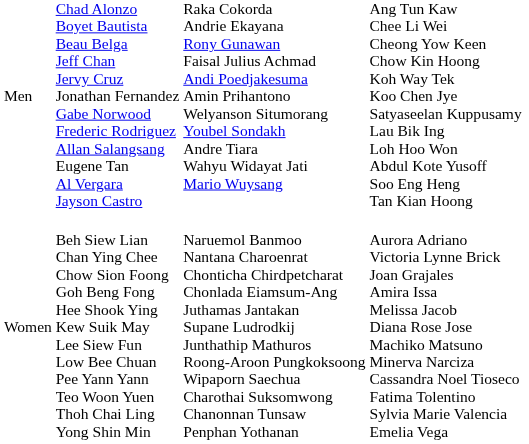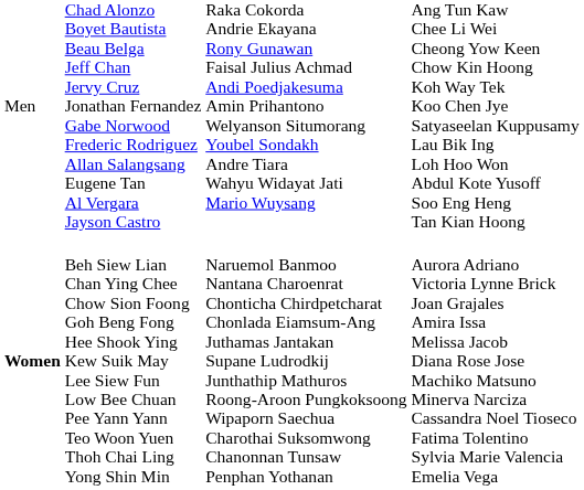 <table>
 <tr>
 <td>Men</td>
 <td nowrap=true valign=top><br> <a href='#'>Chad Alonzo</a><br><a href='#'>Boyet Bautista</a><br><a href='#'>Beau Belga</a><br><a href='#'>Jeff Chan</a><br><a href='#'>Jervy Cruz</a><br>Jonathan Fernandez<br><a href='#'>Gabe Norwood</a><br><a href='#'>Frederic Rodriguez</a><br><a href='#'>Allan Salangsang</a><br>Eugene Tan<br><a href='#'>Al Vergara</a><br><a href='#'>Jayson Castro</a></td>
 <td nowrap=true valign=top><br> Raka Cokorda<br>Andrie Ekayana<br><a href='#'>Rony Gunawan</a><br>Faisal Julius Achmad<br><a href='#'>Andi Poedjakesuma</a><br>Amin Prihantono<br>Welyanson Situmorang<br><a href='#'>Youbel Sondakh</a><br>Andre Tiara<br>Wahyu Widayat Jati<br><a href='#'>Mario Wuysang</a></td>
 <td nowrap=true valign=top><br> Ang Tun Kaw<br>Chee Li Wei<br>Cheong Yow Keen<br>Chow Kin Hoong<br>Koh Way Tek<br>Koo Chen Jye<br>Satyaseelan Kuppusamy<br>Lau Bik Ing<br>Loh Hoo Won<br>Abdul Kote Yusoff<br>Soo Eng Heng<br>Tan Kian Hoong</td>
 </tr>
 <tr>
-<td>Women</td>
+<td><strong>Women</strong></td>
 <td nowrap=true valign=top><br>Beh Siew Lian <br>Chan Ying Chee <br>Chow Sion Foong <br>Goh Beng Fong <br>Hee Shook Ying <br>Kew Suik May <br>Lee Siew Fun <br>Low Bee Chuan <br>Pee Yann Yann <br>Teo Woon Yuen <br>Thoh Chai Ling<br>Yong Shin Min</td>
 <td nowrap=true valign=top><br> Naruemol Banmoo<br>Nantana Charoenrat<br>Chonticha Chirdpetcharat<br>Chonlada Eiamsum-Ang<br>Juthamas Jantakan<br>Supane Ludrodkij<br>Junthathip Mathuros<br>Roong-Aroon Pungkoksoong<br>Wipaporn Saechua<br>Charothai Suksomwong<br>Chanonnan Tunsaw<br>Penphan Yothanan</td>
 <td nowrap=true valign=top><br> Aurora Adriano<br>Victoria Lynne Brick<br>Joan Grajales<br>Amira Issa<br>Melissa Jacob<br>Diana Rose Jose<br>Machiko Matsuno<br>Minerva Narciza<br>Cassandra Noel Tioseco<br>Fatima Tolentino<br>Sylvia Marie Valencia<br>Emelia Vega</td>
 </tr>
 </table>
